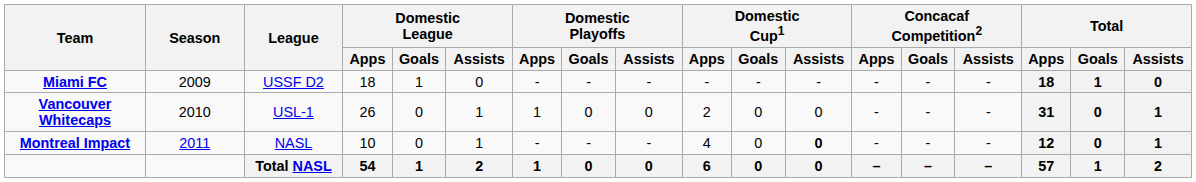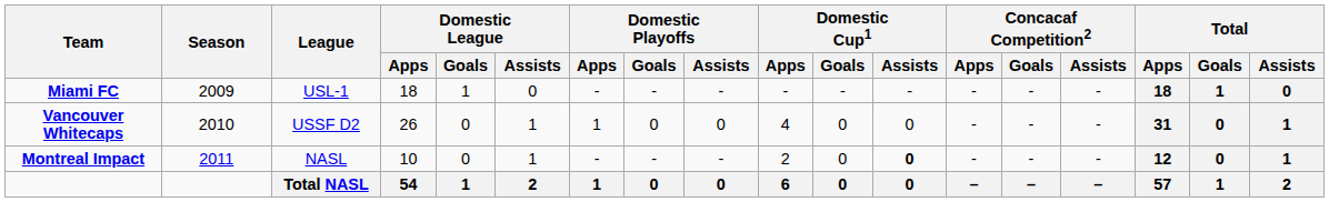 <table class="wikitable" style=font-size:90% text-align: center width=75%>
 <tr>
 <th rowspan=2 width=10%><strong>Team</strong></th>
 <th rowspan=2 width=7%><strong>Season</strong></th>
 <th rowspan=2 width=7%><strong>League</strong></th>
 <th colspan=3 width=10%>Domestic<br>League</th>
 <th colspan=3 width=10%>Domestic<br>Playoffs</th>
 <th colspan=3 width=10%>Domestic<br>Cup<sup>1</sup></th>
 <th colspan=3 width=10%>Concacaf<br>Competition<sup>2</sup></th>
 <th colspan=3 width=10%>Total</th>
 </tr>
 <tr>
 <th align=center><strong>Apps</strong></th>
 <th align=center><strong>Goals</strong></th>
 <th align=center><strong>Assists</strong></th>
 <th align=center><strong>Apps</strong></th>
 <th align=center><strong>Goals</strong></th>
 <th align=center><strong>Assists</strong></th>
 <th align=center><strong>Apps</strong></th>
 <th align=center><strong>Goals</strong></th>
 <th align=center><strong>Assists</strong></th>
 <th align=center><strong>Apps</strong></th>
 <th align=center><strong>Goals</strong></th>
 <th align=center><strong>Assists</strong></th>
 <th align=center><strong>Apps</strong></th>
 <th align=center><strong>Goals</strong></th>
 <th align=center><strong>Assists</strong></th>
 </tr>
 <tr>
 <td rowspan=1 align=center><strong><a href='#'>Miami FC</a></strong></td>
 <td align=center>2009</td>
-<td align=center><a href='#'>USSF D2</a></td>
+<td align=center><a href='#'>USL-1</a></td>
 <td align=center>18</td>
 <td align=center>1</td>
 <td align=center>0</td>
 <td align=center>-</td>
 <td align=center>-</td>
 <td align=center>-</td>
 <td align=center>-</td>
 <td align=center>-</td>
 <td align=center>-</td>
 <td align=center>-</td>
 <td align=center>-</td>
 <td align=center>-</td>
 <th align=center><strong>18</strong></th>
 <th align=center><strong>1</strong></th>
 <th align=center><strong>0</strong></th>
 </tr>
 <tr>
 <td rowspan=1 align=center><strong><a href='#'>Vancouver Whitecaps</a></strong></td>
 <td align=center>2010</td>
-<td align=center><a href='#'>USL-1</a></td>
+<td align=center><a href='#'>USSF D2</a></td>
 <td align=center>26</td>
 <td align=center>0</td>
 <td align=center>1</td>
 <td align=center>1</td>
 <td align=center>0</td>
 <td align=center>0</td>
-<td align=center>2</td>
+<td align=center>4</td>
 <td align=center>0</td>
 <td align=center>0</td>
 <td align=center>-</td>
 <td align=center>-</td>
 <td align=center>-</td>
 <th align=center><strong>31</strong></th>
 <th align=center><strong>0</strong></th>
 <th align=center><strong>1</strong></th>
 </tr>
 <tr>
 <td rowspan=1 align=center><strong><a href='#'>Montreal Impact</a></strong></td>
 <td align=center><a href='#'>2011</a></td>
 <td align=center><a href='#'>NASL</a></td>
 <td align=center>10</td>
 <td align=center>0</td>
 <td align=center>1</td>
 <td align=center>-</td>
 <td align=center>-</td>
 <td align=center>-</td>
-<td align=center>4</td>
+<td align=center>2</td>
 <td align=center>0</td>
 <td align=center><strong>0</strong></td>
 <td align=center>-</td>
 <td align=center>-</td>
 <td align=center>-</td>
 <th align=center><strong>12</strong></th>
 <th align=center><strong>0</strong></th>
 <th align=center><strong>1</strong></th>
 </tr>
 <tr>
 <td></td>
 <td></td>
 <th>Total <a href='#'>NASL</a></th>
 <th>54</th>
 <th>1</th>
 <th>2</th>
 <th>1</th>
 <th>0</th>
 <th>0</th>
 <th>6</th>
 <th>0</th>
 <th>0</th>
 <th>–</th>
 <th>–</th>
 <th>–</th>
 <th>57</th>
 <th>1</th>
 <th>2</th>
 </tr>
 </table>
